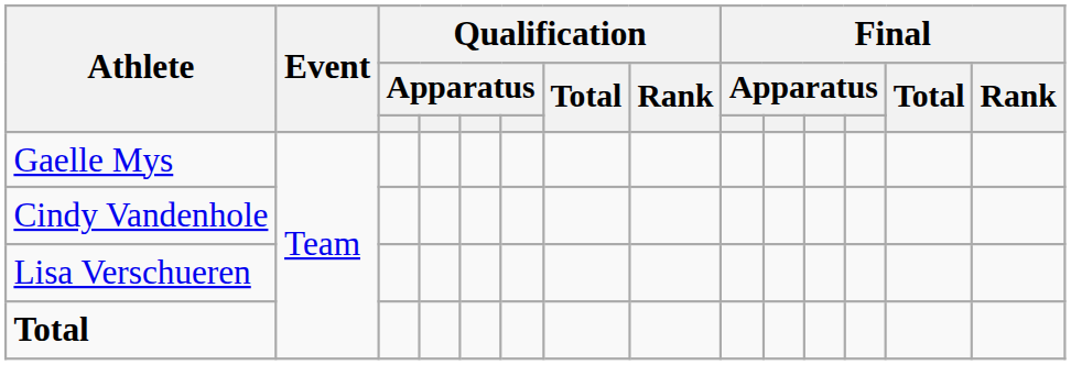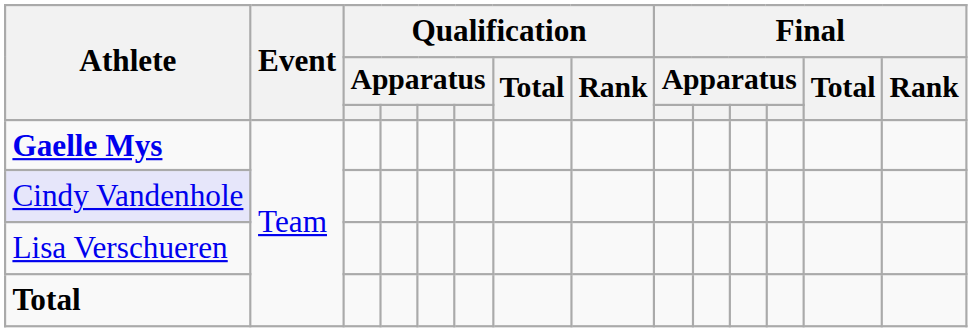 <table class="wikitable" style="font-size:90%">
 <tr>
 <th rowspan=3>Athlete</th>
 <th rowspan=3>Event</th>
 <th colspan=6>Qualification</th>
 <th colspan=6>Final</th>
 </tr>
 <tr style="font-size:95%">
 <th colspan=4>Apparatus</th>
 <th rowspan=2>Total</th>
 <th rowspan=2>Rank</th>
 <th colspan=4>Apparatus</th>
 <th rowspan=2>Total</th>
 <th rowspan=2>Rank</th>
 </tr>
 <tr style="font-size:95%">
 <th></th>
 <th></th>
 <th></th>
 <th></th>
 <th></th>
 <th></th>
 <th></th>
 <th></th>
 </tr>
 <tr align=center>
-<td align=left><a href='#'>Gaelle Mys</a></td>
+<td align=left><strong><a href='#'>Gaelle Mys</a></strong></td>
 <td style="text-align:left;" rowspan="4"><a href='#'>Team</a></td>
 <td></td>
 <td></td>
 <td></td>
 <td></td>
 <td></td>
 <td></td>
 <td></td>
 <td></td>
 <td></td>
 <td></td>
 <td></td>
 <td></td>
 </tr>
 <tr align=center>
-<td align=left><a href='#'>Cindy Vandenhole</a></td>
+<td align=left style="background: lavender;"><a href='#'>Cindy Vandenhole</a></td>
 <td></td>
 <td></td>
 <td></td>
 <td></td>
 <td></td>
 <td></td>
 <td></td>
 <td></td>
 <td></td>
 <td></td>
 <td></td>
 <td></td>
 </tr>
 <tr align=center>
 <td align=left><a href='#'>Lisa Verschueren</a></td>
 <td></td>
 <td></td>
 <td></td>
 <td></td>
 <td></td>
 <td></td>
 <td></td>
 <td></td>
 <td></td>
 <td></td>
 <td></td>
 <td></td>
 </tr>
 <tr align=center>
 <td align=left><strong>Total</strong></td>
 <td></td>
 <td></td>
 <td></td>
 <td></td>
 <td></td>
 <td></td>
 <td></td>
 <td></td>
 <td></td>
 <td></td>
 <td></td>
 <td></td>
 </tr>
 </table>
